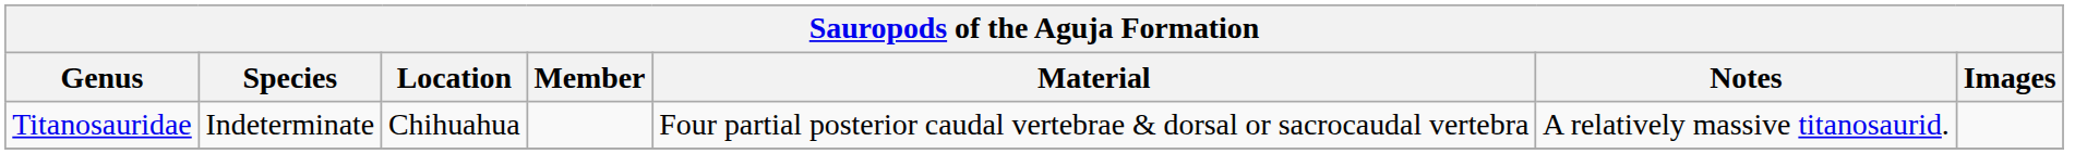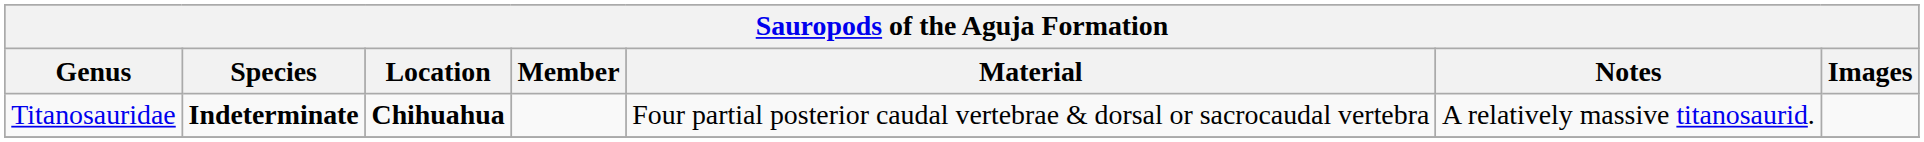 <table class="wikitable" align="center">
 <tr>
 <th colspan="7" align="center"><strong><a href='#'>Sauropods</a> of the Aguja Formation</strong></th>
 </tr>
 <tr>
 <th>Genus</th>
 <th>Species</th>
 <th>Location</th>
 <th>Member</th>
 <th>Material</th>
 <th>Notes</th>
 <th>Images</th>
 </tr>
 <tr>
 <td><a href='#'>Titanosauridae</a></td>
-<td>Indeterminate</td>
-<td>Chihuahua</td>
+<td><strong>Indeterminate</strong></td>
+<td><strong>Chihuahua</strong></td>
 <td></td>
 <td>Four partial posterior caudal vertebrae & dorsal or sacrocaudal vertebra</td>
 <td>A relatively massive <a href='#'>titanosaurid</a>.</td>
 <td></td>
 </tr>
 <tr>
 </tr>
 </table>
